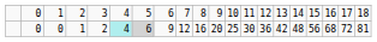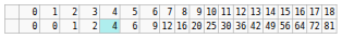 <table border="1" cellspacing="0" cellpadding="3" style="margin:0 0 0 0.5em; border-collapse:collapse; border-color:#7070090;" class="wikitable">
 <tr style="text-align:right;">
 <td>  </td>
 <td>  0</td>
 <td>  1</td>
 <td>  2</td>
 <td>  3</td>
 <td>  4</td>
 <td>  5</td>
 <td>  6</td>
 <td>7</td>
 <td>8</td>
 <td>9</td>
 <td>10</td>
 <td>11</td>
 <td>12</td>
 <td>13</td>
 <td>14</td>
 <td>15</td>
 <td>16</td>
 <td>17</td>
 <td>18</td>
 </tr>
 <tr style="text-align:right;">
 <td></td>
 <td>0</td>
 <td>0</td>
 <td>1</td>
 <td>2</td>
 <td style="background: paleturquoise;">4</td>
-<td style="background: lightgrey;">6</td>
+<td>6</td>
 <td>9</td>
 <td>12</td>
 <td>16</td>
 <td>20</td>
 <td>25</td>
 <td>30</td>
 <td>36</td>
 <td>42</td>
-<td>48</td>
+<td>49</td>
 <td>56</td>
-<td>68</td>
+<td>64</td>
 <td>72</td>
 <td>81</td>
 </tr>
 </table>
